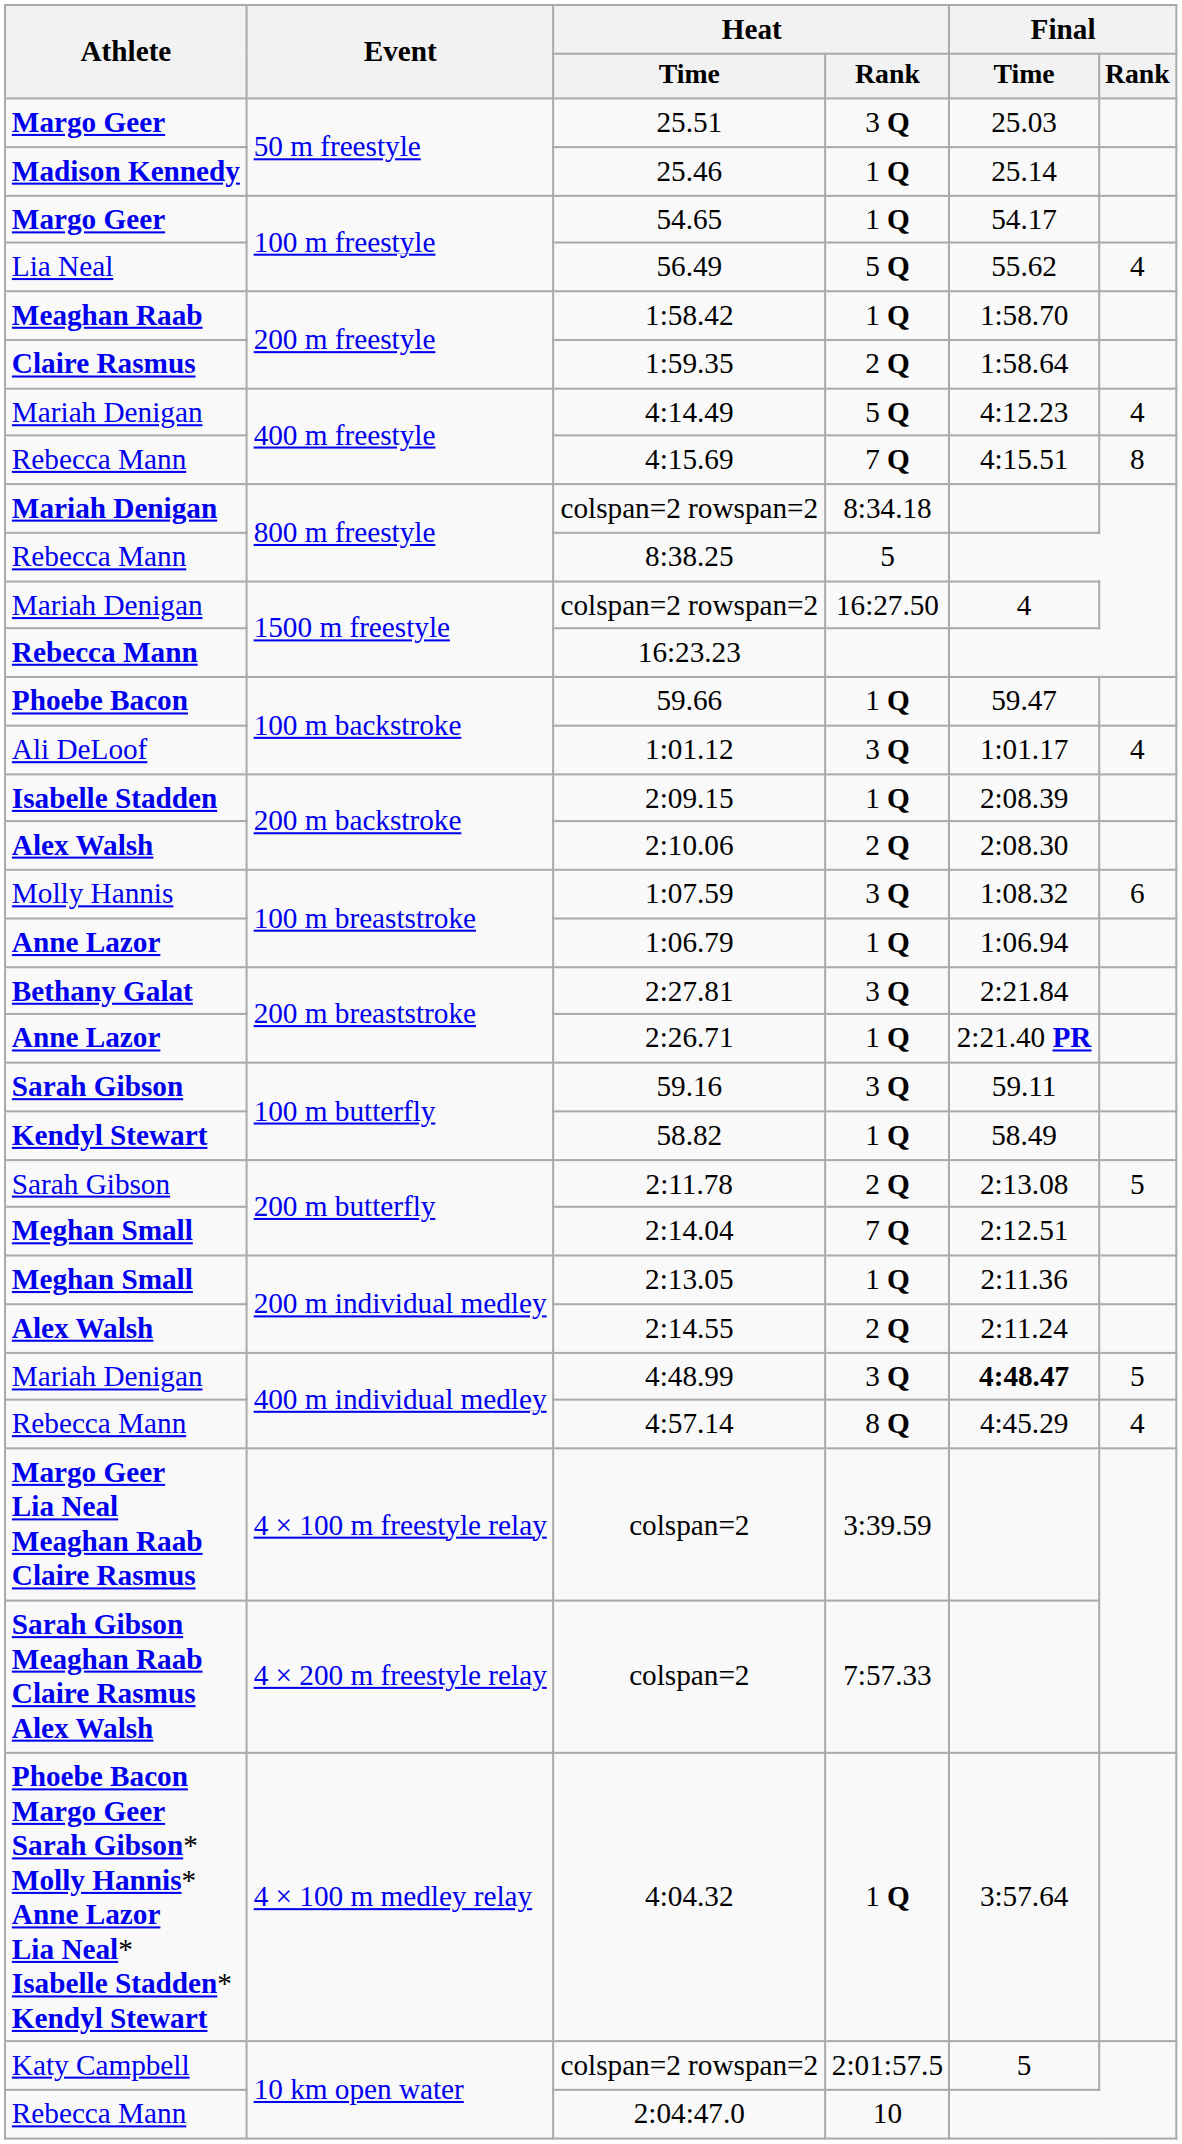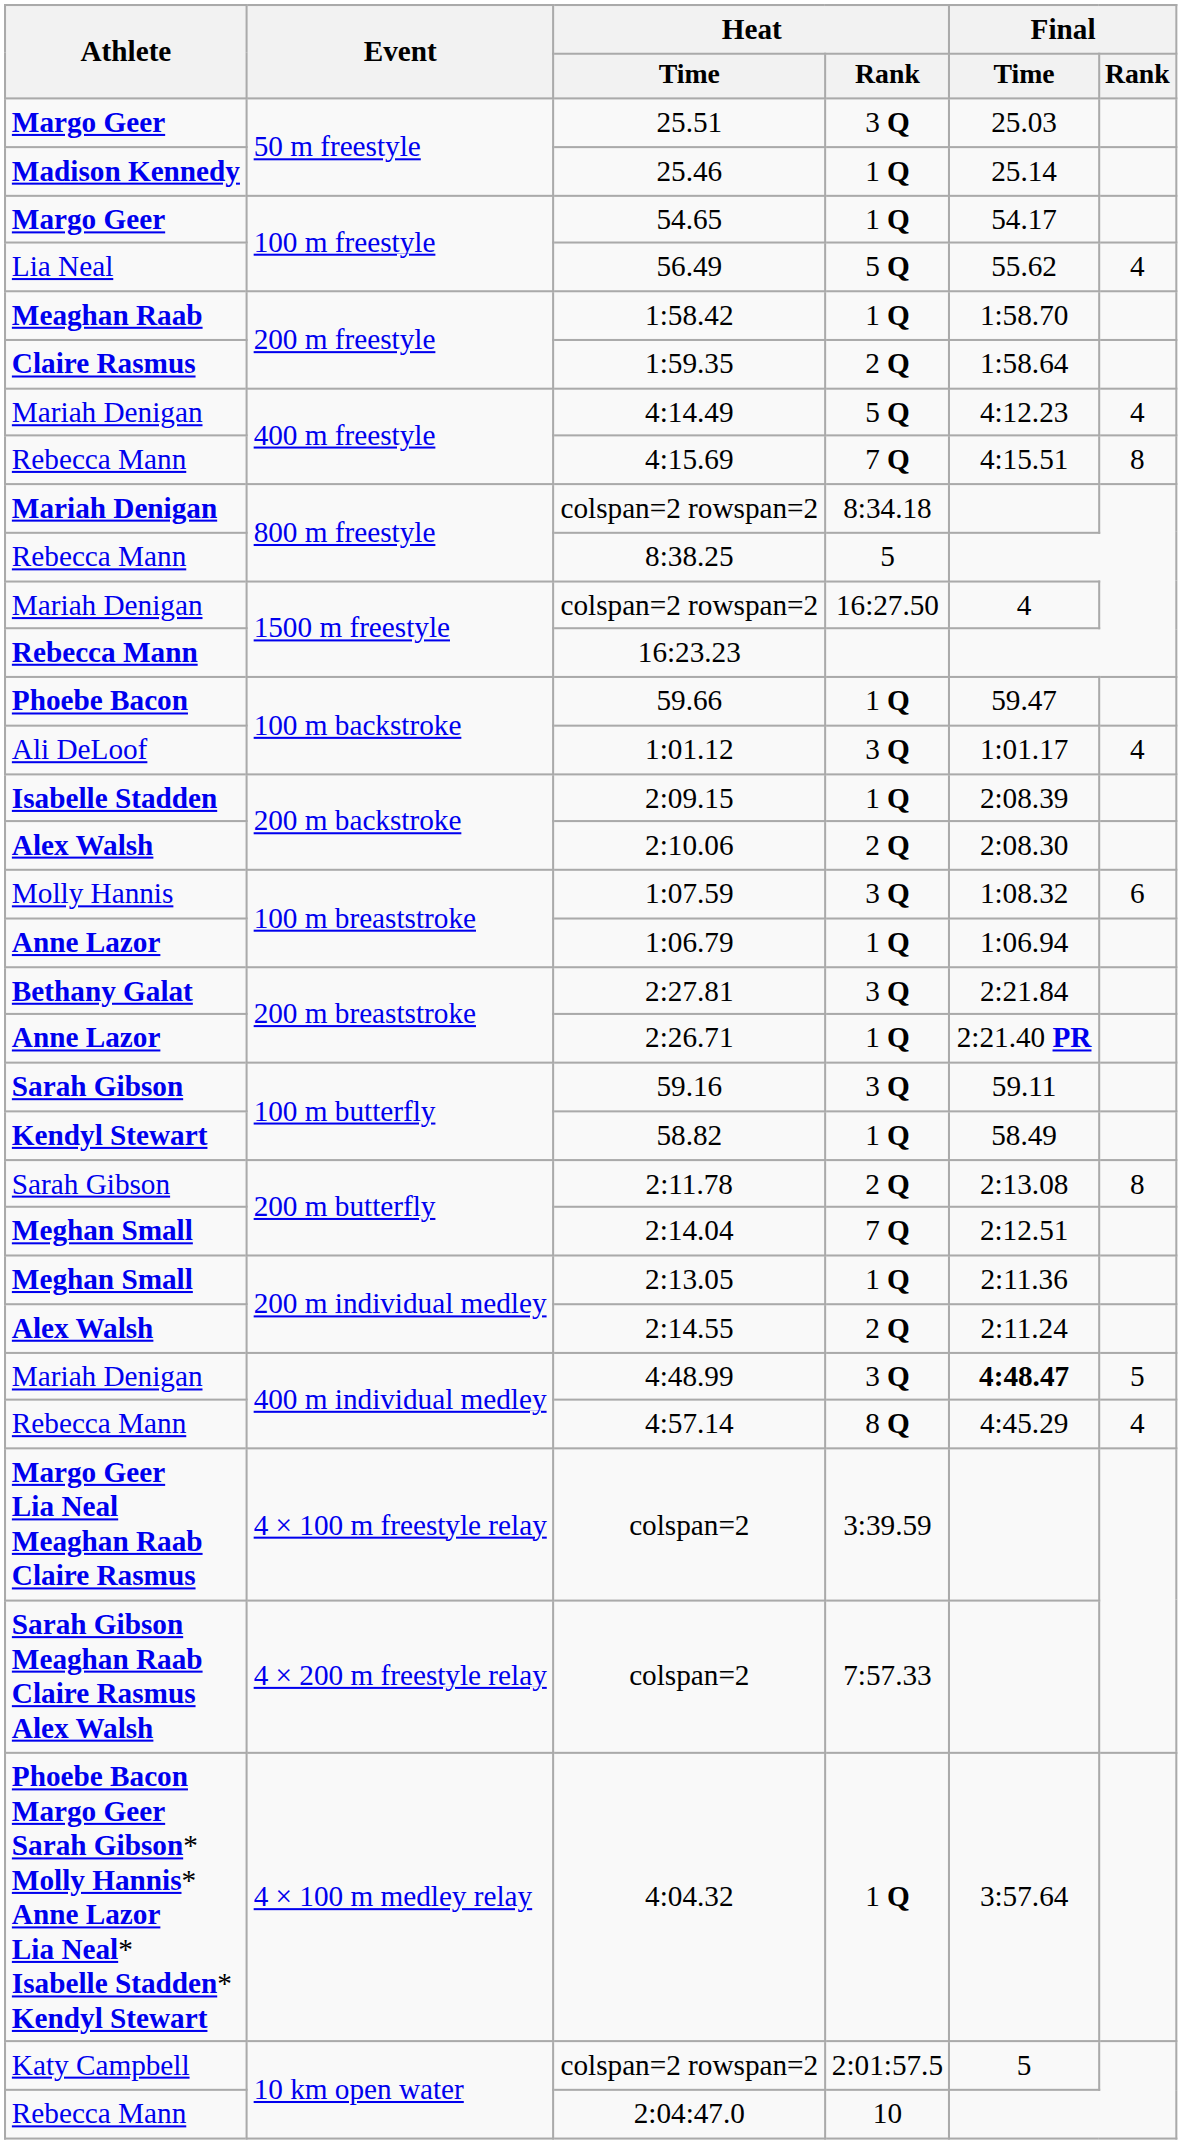 <table class=wikitable style=font-size:90%;text-align:center>
 <tr>
 <th rowspan=2>Athlete</th>
 <th rowspan=2>Event</th>
 <th colspan=2>Heat</th>
 <th colspan=2>Final</th>
 </tr>
 <tr style=font-size:95%>
 <th>Time</th>
 <th>Rank</th>
 <th>Time</th>
 <th>Rank</th>
 </tr>
 <tr>
 <td align=left><strong><a href='#'>Margo Geer</a></strong></td>
 <td align=left rowspan=2><a href='#'>50 m freestyle</a></td>
 <td>25.51</td>
 <td>3 <strong>Q</strong></td>
 <td>25.03</td>
 <td></td>
 </tr>
 <tr>
 <td align=left><strong><a href='#'>Madison Kennedy</a></strong></td>
 <td>25.46</td>
 <td>1 <strong>Q</strong></td>
 <td>25.14</td>
 <td></td>
 </tr>
 <tr>
 <td align=left><strong><a href='#'>Margo Geer</a></strong></td>
 <td align=left rowspan=2><a href='#'>100 m freestyle</a></td>
 <td>54.65</td>
 <td>1 <strong>Q</strong></td>
 <td>54.17</td>
 <td></td>
 </tr>
 <tr>
 <td align=left><a href='#'>Lia Neal</a></td>
 <td>56.49</td>
 <td>5 <strong>Q</strong></td>
 <td>55.62</td>
 <td>4</td>
 </tr>
 <tr>
 <td align=left><strong><a href='#'>Meaghan Raab</a></strong></td>
 <td align=left rowspan=2><a href='#'>200 m freestyle</a></td>
 <td>1:58.42</td>
 <td>1 <strong>Q</strong></td>
 <td>1:58.70</td>
 <td></td>
 </tr>
 <tr>
 <td align=left><strong><a href='#'>Claire Rasmus</a></strong></td>
 <td>1:59.35</td>
 <td>2 <strong>Q</strong></td>
 <td>1:58.64</td>
 <td></td>
 </tr>
 <tr>
 <td align=left><a href='#'>Mariah Denigan</a></td>
 <td align=left rowspan=2><a href='#'>400 m freestyle</a></td>
 <td>4:14.49</td>
 <td>5 <strong>Q</strong></td>
 <td>4:12.23</td>
 <td>4</td>
 </tr>
 <tr>
 <td align=left><a href='#'>Rebecca Mann</a></td>
 <td>4:15.69</td>
 <td>7 <strong>Q</strong></td>
 <td>4:15.51</td>
 <td>8</td>
 </tr>
 <tr>
 <td align=left><strong><a href='#'>Mariah Denigan</a></strong></td>
 <td align=left rowspan=2><a href='#'>800 m freestyle</a></td>
 <td>colspan=2 rowspan=2 </td>
 <td>8:34.18</td>
 <td></td>
 </tr>
 <tr>
 <td align=left><a href='#'>Rebecca Mann</a></td>
 <td>8:38.25</td>
 <td>5</td>
 </tr>
 <tr>
 <td align=left><a href='#'>Mariah Denigan</a></td>
 <td align=left rowspan=2><a href='#'>1500 m freestyle</a></td>
 <td>colspan=2 rowspan=2 </td>
 <td>16:27.50</td>
 <td>4</td>
 </tr>
 <tr>
 <td align=left><strong><a href='#'>Rebecca Mann</a></strong></td>
 <td>16:23.23</td>
 <td></td>
 </tr>
 <tr>
 <td align=left><strong><a href='#'>Phoebe Bacon</a></strong></td>
 <td align=left rowspan=2><a href='#'>100 m backstroke</a></td>
 <td>59.66</td>
 <td>1 <strong>Q</strong></td>
 <td>59.47</td>
 <td></td>
 </tr>
 <tr>
 <td align=left><a href='#'>Ali DeLoof</a></td>
 <td>1:01.12</td>
 <td>3 <strong>Q</strong></td>
 <td>1:01.17</td>
 <td>4</td>
 </tr>
 <tr>
 <td align=left><strong><a href='#'>Isabelle Stadden</a></strong></td>
 <td align=left rowspan=2><a href='#'>200 m backstroke</a></td>
 <td>2:09.15</td>
 <td>1 <strong>Q</strong></td>
 <td>2:08.39</td>
 <td></td>
 </tr>
 <tr>
 <td align=left><strong><a href='#'>Alex Walsh</a></strong></td>
 <td>2:10.06</td>
 <td>2 <strong>Q</strong></td>
 <td>2:08.30</td>
 <td></td>
 </tr>
 <tr>
 <td align=left><a href='#'>Molly Hannis</a></td>
 <td align=left rowspan=2><a href='#'>100 m breaststroke</a></td>
 <td>1:07.59</td>
 <td>3 <strong>Q</strong></td>
 <td>1:08.32</td>
 <td>6</td>
 </tr>
 <tr>
 <td align=left><strong><a href='#'>Anne Lazor</a></strong></td>
 <td>1:06.79</td>
 <td>1 <strong>Q</strong></td>
 <td>1:06.94</td>
 <td></td>
 </tr>
 <tr>
 <td align=left><strong><a href='#'>Bethany Galat</a></strong></td>
 <td align=left rowspan=2><a href='#'>200 m breaststroke</a></td>
 <td>2:27.81</td>
 <td>3 <strong>Q</strong></td>
 <td>2:21.84</td>
 <td></td>
 </tr>
 <tr>
 <td align=left><strong><a href='#'>Anne Lazor</a></strong></td>
 <td>2:26.71</td>
 <td>1 <strong>Q</strong></td>
 <td>2:21.40 <strong><a href='#'>PR</a></strong></td>
 <td></td>
 </tr>
 <tr>
 <td align=left><strong><a href='#'>Sarah Gibson</a></strong></td>
 <td align=left rowspan=2><a href='#'>100 m butterfly</a></td>
 <td>59.16</td>
 <td>3 <strong>Q</strong></td>
 <td>59.11</td>
 <td></td>
 </tr>
 <tr>
 <td align=left><strong><a href='#'>Kendyl Stewart</a></strong></td>
 <td>58.82</td>
 <td>1 <strong>Q</strong></td>
 <td>58.49</td>
 <td></td>
 </tr>
 <tr>
 <td align=left><a href='#'>Sarah Gibson</a></td>
 <td align=left rowspan=2><a href='#'>200 m butterfly</a></td>
 <td>2:11.78</td>
 <td>2 <strong>Q</strong></td>
 <td>2:13.08</td>
-<td>5</td>
+<td>8</td>
 </tr>
 <tr>
 <td align=left><strong><a href='#'>Meghan Small</a></strong></td>
 <td>2:14.04</td>
 <td>7 <strong>Q</strong></td>
 <td>2:12.51</td>
 <td></td>
 </tr>
 <tr>
 <td align=left><strong><a href='#'>Meghan Small</a></strong></td>
 <td align=left rowspan=2><a href='#'>200 m individual medley</a></td>
 <td>2:13.05</td>
 <td>1 <strong>Q</strong></td>
 <td>2:11.36</td>
 <td></td>
 </tr>
 <tr>
 <td align=left><strong><a href='#'>Alex Walsh</a></strong></td>
 <td>2:14.55</td>
 <td>2 <strong>Q</strong></td>
 <td>2:11.24</td>
 <td></td>
 </tr>
 <tr>
 <td align=left><a href='#'>Mariah Denigan</a></td>
 <td align=left rowspan=2><a href='#'>400 m individual medley</a></td>
 <td>4:48.99</td>
 <td>3 <strong>Q</strong></td>
 <td><strong>4:48.47</strong></td>
 <td>5</td>
 </tr>
 <tr>
 <td align=left><a href='#'>Rebecca Mann</a></td>
 <td>4:57.14</td>
 <td>8 <strong>Q</strong></td>
 <td>4:45.29</td>
 <td>4</td>
 </tr>
 <tr>
 <td align=left><strong><a href='#'>Margo Geer</a><br><a href='#'>Lia Neal</a><br><a href='#'>Meaghan Raab</a><br><a href='#'>Claire Rasmus</a></strong></td>
 <td align=left><a href='#'>4 × 100 m freestyle relay</a></td>
 <td>colspan=2 </td>
 <td>3:39.59</td>
 <td></td>
 </tr>
 <tr>
 <td align=left><strong><a href='#'>Sarah Gibson</a><br><a href='#'>Meaghan Raab</a><br><a href='#'>Claire Rasmus</a><br><a href='#'>Alex Walsh</a></strong></td>
 <td align=left><a href='#'>4 × 200 m freestyle relay</a></td>
 <td>colspan=2 </td>
 <td>7:57.33</td>
 <td></td>
 </tr>
 <tr>
 <td align=left><strong><a href='#'>Phoebe Bacon</a><br><a href='#'>Margo Geer</a><br><a href='#'>Sarah Gibson</a></strong>*<strong><br><a href='#'>Molly Hannis</a></strong>*<strong><br><a href='#'>Anne Lazor</a><br><a href='#'>Lia Neal</a></strong>*<strong><br><a href='#'>Isabelle Stadden</a></strong>*<strong><br><a href='#'>Kendyl Stewart</a></strong></td>
 <td align=left><a href='#'>4 × 100 m medley relay</a></td>
 <td>4:04.32</td>
 <td>1 <strong>Q</strong></td>
 <td>3:57.64</td>
 <td></td>
 </tr>
 <tr>
 <td align=left><a href='#'>Katy Campbell</a></td>
 <td align=left rowspan=2><a href='#'>10 km open water</a></td>
 <td>colspan=2 rowspan=2 </td>
 <td>2:01:57.5</td>
 <td>5</td>
 </tr>
 <tr>
 <td align=left><a href='#'>Rebecca Mann</a></td>
 <td>2:04:47.0</td>
 <td>10</td>
 </tr>
 </table>
